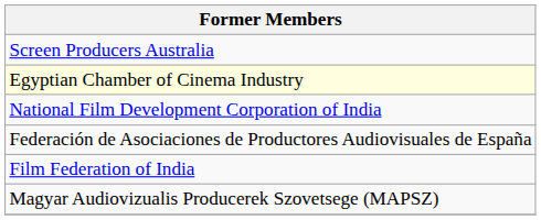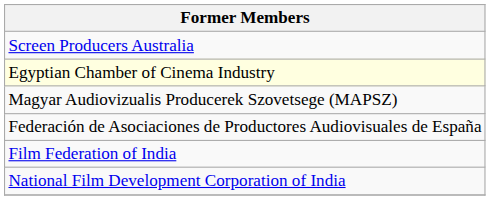 <table class="wikitable sortable">
 <tr>
 <th scope="col">Former Members</th>
 </tr>
 <tr>
 <td> <a href='#'>Screen Producers Australia</a></td>
 </tr>
 <tr>
 <td style="background: lightyellow;"> Egyptian Chamber of Cinema Industry</td>
 </tr>
 <tr>
-<td> <a href='#'>National Film Development Corporation of India</a></td>
+<td> Magyar Audiovizualis Producerek Szovetsege (MAPSZ)</td>
 </tr>
 <tr>
 <td> Federación de Asociaciones de Productores Audiovisuales de España</td>
 </tr>
 <tr>
 <td> <a href='#'>Film Federation of India</a></td>
 </tr>
 <tr>
-<td> Magyar Audiovizualis Producerek Szovetsege (MAPSZ)</td>
+<td> <a href='#'>National Film Development Corporation of India</a></td>
 </tr>
 <tr>
 </tr>
 </table>
